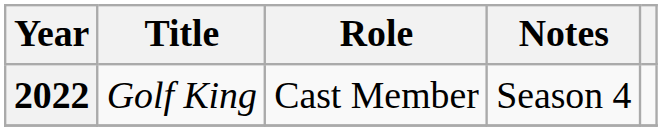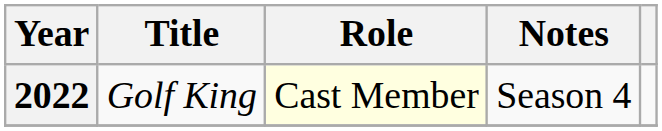 <table class="wikitable plainrowheaders">
 <tr>
 <th scope="col">Year</th>
 <th scope="col">Title</th>
 <th scope="col">Role</th>
 <th scope="col">Notes</th>
 <th scope="col" class="unsortable"></th>
 </tr>
 <tr>
 <th scope="row">2022</th>
 <td><em>Golf King</em></td>
-<td>Cast Member</td>
+<td style="background: lightyellow;">Cast Member</td>
 <td>Season 4</td>
 <td></td>
 </tr>
 <tr>
 </tr>
 </table>
